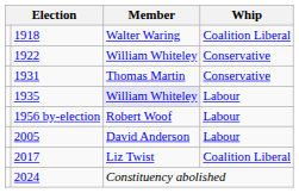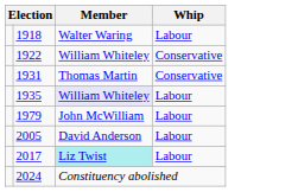 <table class="wikitable">
 <tr>
 <th colspan="2">Election</th>
 <th>Member</th>
 <th>Whip</th>
 </tr>
 <tr>
 <td style="color:inherit;background-color: "></td>
 <td><a href='#'>1918</a></td>
 <td><a href='#'>Walter Waring</a></td>
-<td><a href='#'>Coalition Liberal</a></td>
+<td><a href='#'>Labour</a></td>
 </tr>
 <tr>
 <td style="color:inherit;background-color: "></td>
 <td><a href='#'>1922</a></td>
 <td><a href='#'>William Whiteley</a></td>
 <td><a href='#'>Conservative</a></td>
 </tr>
 <tr>
 <td style="color:inherit;background-color: "></td>
 <td><a href='#'>1931</a></td>
 <td><a href='#'>Thomas Martin</a></td>
 <td><a href='#'>Conservative</a></td>
 </tr>
 <tr>
 <td style="color:inherit;background-color: "></td>
 <td><a href='#'>1935</a></td>
 <td style="background: lavender;"><a href='#'>William Whiteley</a></td>
 <td><a href='#'>Labour</a></td>
 </tr>
 <tr>
 <td style="color:inherit;background-color: "></td>
-<td><a href='#'>1956 by-election</a></td>
-<td><a href='#'>Robert Woof</a></td>
+<td><a href='#'>1979</a></td>
+<td><a href='#'>John McWilliam</a></td>
 <td><a href='#'>Labour</a></td>
 </tr>
 <tr>
 <td style="color:inherit;background-color: "></td>
 <td><a href='#'>2005</a></td>
 <td><a href='#'>David Anderson</a></td>
 <td><a href='#'>Labour</a></td>
 </tr>
 <tr>
 <td style="color:inherit;background-color: "></td>
 <td><a href='#'>2017</a></td>
-<td><a href='#'>Liz Twist</a></td>
-<td><a href='#'>Coalition Liberal</a></td>
+<td style="background: paleturquoise;"><a href='#'>Liz Twist</a></td>
+<td><a href='#'>Labour</a></td>
 </tr>
 <tr>
 <td></td>
 <td><a href='#'>2024</a></td>
 <td colspan="2"><em>Constituency abolished</em></td>
 </tr>
 </table>
